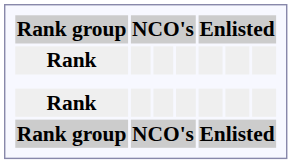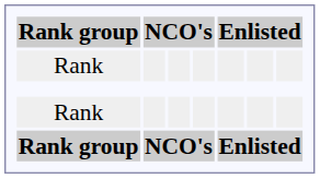 <table style="border:1px solid #8888aa; background-color:#f7f8ff; padding:5px; font-size:95%; margin: 0px 12px 12px 0px;">
 <tr style="background:#ccc;">
 <th>Rank group</th>
 <th colspan=3>NCO's</th>
 <th colspan=3>Enlisted</th>
 </tr>
 <tr style="text-align:center; background:#efefef;">
-<td><strong>Rank</strong></td>
+<td>Rank</td>
 <td><br></td>
 <td><br></td>
 <td><br></td>
 <td><br></td>
 <td><br></td>
 <td><br></td>
 </tr>
 <tr style="text-align:center;">
 <td><strong></strong></td>
 <td></td>
 <td></td>
 <td></td>
 <td></td>
 <td></td>
 <td></td>
 </tr>
 <tr style="text-align:center;">
 <td><strong></strong></td>
 <td></td>
 <td></td>
 <td></td>
 <td></td>
 <td></td>
 <td></td>
 </tr>
 <tr style="text-align:center; background:#efefef;">
-<td><strong>Rank</strong></td>
+<td>Rank</td>
 <td><br></td>
 <td><br></td>
 <td><br></td>
 <td><br></td>
 <td><br></td>
 <td><br></td>
 </tr>
 <tr style="background:#ccc;">
 <th>Rank group</th>
 <th colspan=3>NCO's</th>
 <th colspan=3>Enlisted</th>
 </tr>
 </table>
